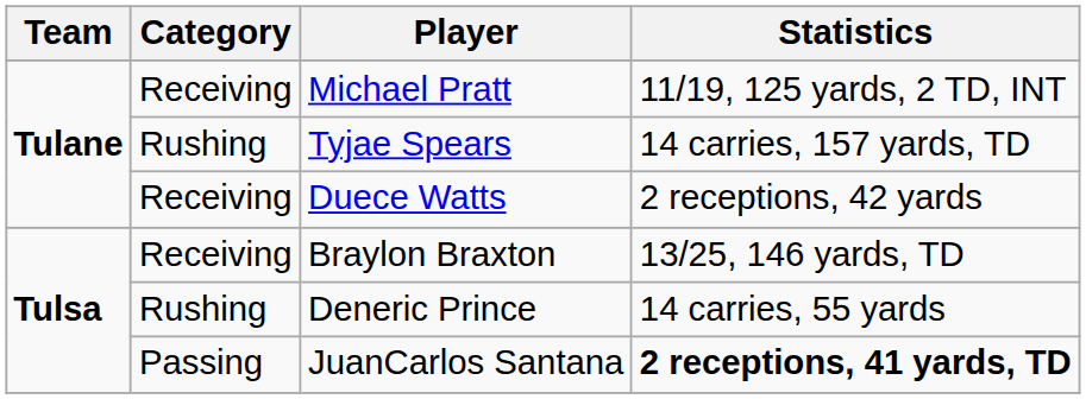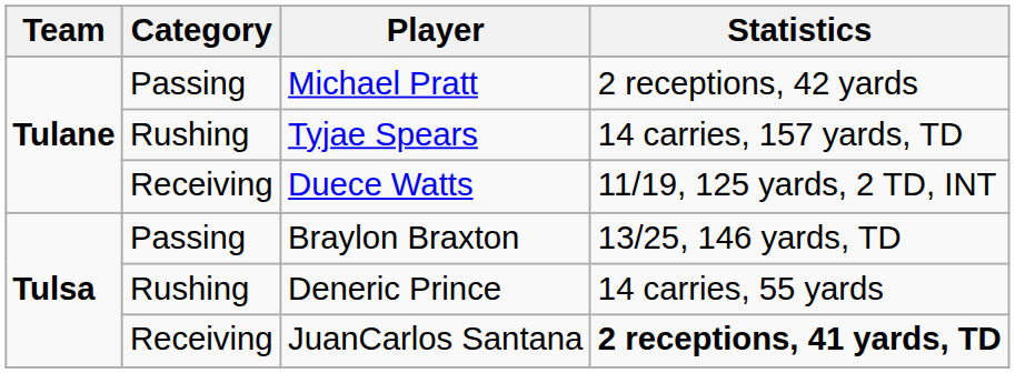 <table class="wikitable" style="float: right;">
 <tr>
 <th>Team</th>
 <th>Category</th>
 <th>Player</th>
 <th>Statistics</th>
 </tr>
 <tr>
 <td rowspan=3><strong>Tulane</strong></td>
-<td>Receiving</td>
+<td>Passing</td>
 <td><a href='#'>Michael Pratt</a></td>
-<td>11/19, 125 yards, 2 TD, INT</td>
+<td>2 receptions, 42 yards</td>
 </tr>
 <tr>
 <td>Rushing</td>
 <td><a href='#'>Tyjae Spears</a></td>
 <td>14 carries, 157 yards, TD</td>
 </tr>
 <tr>
 <td>Receiving</td>
 <td><a href='#'>Duece Watts</a></td>
-<td>2 receptions, 42 yards</td>
+<td>11/19, 125 yards, 2 TD, INT</td>
 </tr>
 <tr>
 <td rowspan=3><strong>Tulsa</strong></td>
-<td>Receiving</td>
+<td>Passing</td>
 <td>Braylon Braxton</td>
 <td>13/25, 146 yards, TD</td>
 </tr>
 <tr>
 <td>Rushing</td>
 <td>Deneric Prince</td>
 <td>14 carries, 55 yards</td>
 </tr>
 <tr>
-<td>Passing</td>
+<td>Receiving</td>
 <td>JuanCarlos Santana</td>
 <td><strong>2 receptions, 41 yards, TD</strong></td>
 </tr>
 </table>
